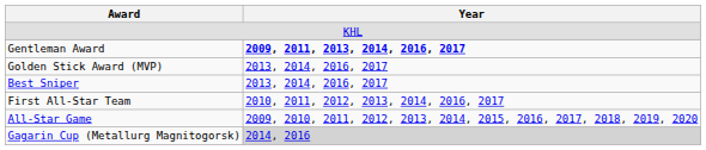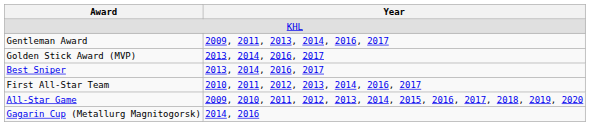 <table class="wikitable">
 <tr>
 <th>Award</th>
 <th>Year</th>
 </tr>
 <tr ALIGN="center" bgcolor="#e0e0e0">
 <td colspan="2"><a href='#'>KHL</a></td>
 </tr>
 <tr>
 <td>Gentleman Award</td>
-<td><strong><a href='#'>2009</a>, <a href='#'>2011</a>, <a href='#'>2013</a>, <a href='#'>2014</a>, <a href='#'>2016</a>, <a href='#'>2017</a></strong></td>
+<td><a href='#'>2009</a>, <a href='#'>2011</a>, <a href='#'>2013</a>, <a href='#'>2014</a>, <a href='#'>2016</a>, <a href='#'>2017</a></td>
 </tr>
 <tr>
 <td>Golden Stick Award (MVP)</td>
 <td><a href='#'>2013</a>, <a href='#'>2014</a>, <a href='#'>2016</a>, <a href='#'>2017</a></td>
 </tr>
 <tr>
 <td><a href='#'>Best Sniper</a></td>
 <td><a href='#'>2013</a>, <a href='#'>2014</a>, <a href='#'>2016</a>, <a href='#'>2017</a></td>
 </tr>
 <tr>
 <td>First All-Star Team</td>
 <td><a href='#'>2010</a>, <a href='#'>2011</a>, <a href='#'>2012</a>, <a href='#'>2013</a>, <a href='#'>2014</a>, <a href='#'>2016</a>, <a href='#'>2017</a></td>
 </tr>
 <tr>
 <td><a href='#'>All-Star Game</a></td>
 <td><a href='#'>2009</a>, <a href='#'>2010</a>, <a href='#'>2011</a>, <a href='#'>2012</a>, <a href='#'>2013</a>, <a href='#'>2014</a>, <a href='#'>2015</a>, <a href='#'>2016</a>, <a href='#'>2017</a>, <a href='#'>2018</a>, <a href='#'>2019</a>, <a href='#'>2020</a></td>
 </tr>
 <tr>
 <td><a href='#'>Gagarin Cup</a> (Metallurg Magnitogorsk)</td>
-<td style="background: lightgrey;"><a href='#'>2014</a>, <a href='#'>2016</a></td>
+<td><a href='#'>2014</a>, <a href='#'>2016</a></td>
 </tr>
 </table>
